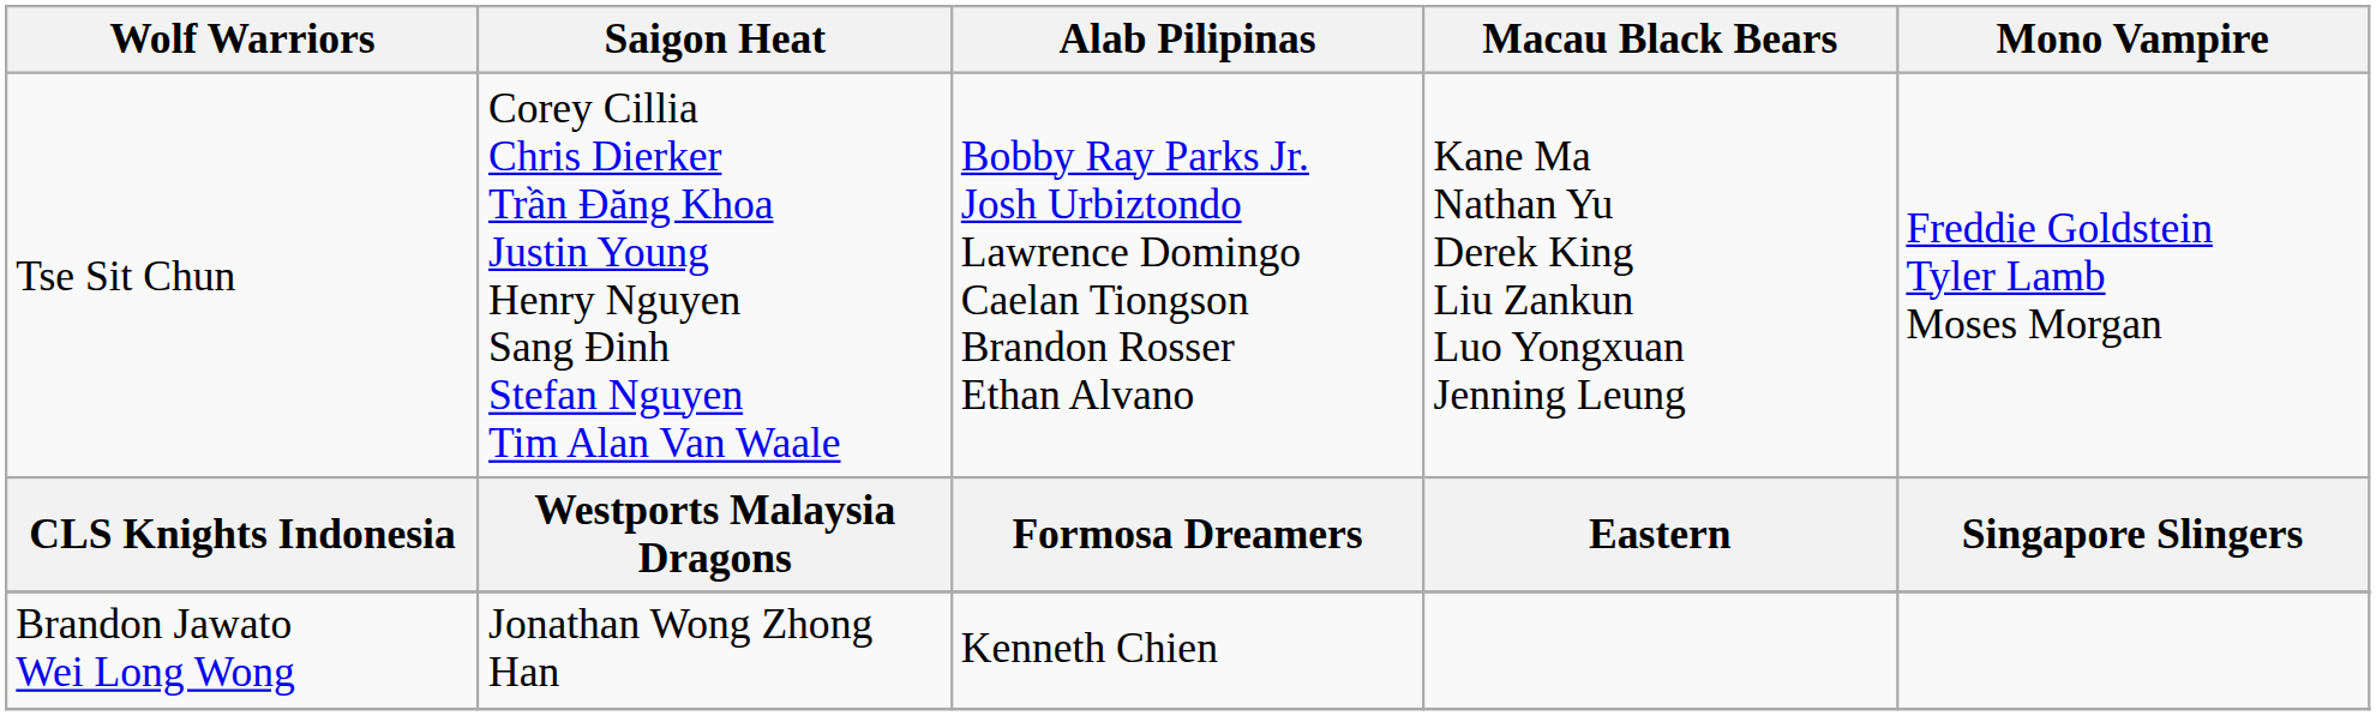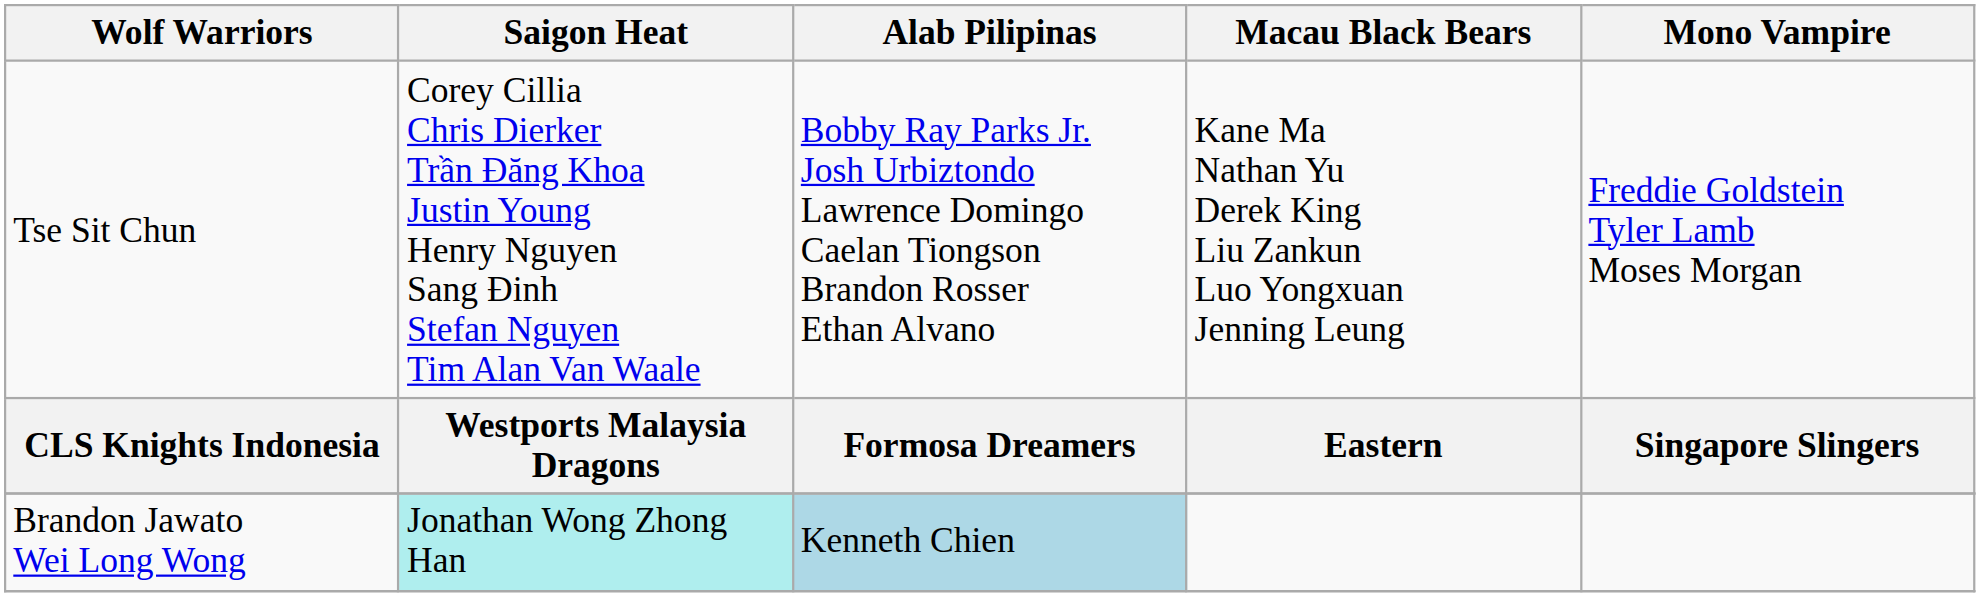 <table class="wikitable">
 <tr>
 <th style="width:170px;"> Wolf Warriors</th>
 <th style="width:170px;"> Saigon Heat</th>
 <th style="width:170px;"> Alab Pilipinas</th>
 <th style="width:170px;"> Macau Black Bears</th>
 <th style="width:170px;"> Mono Vampire</th>
 </tr>
 <tr>
 <td> Tse Sit Chun <br></td>
 <td> Corey Cillia <br>  <a href='#'>Chris Dierker</a> <br>  <a href='#'>Trần Đăng Khoa</a> <br>  <a href='#'>Justin Young</a> <br>  Henry Nguyen <br>  Sang Đinh <br>  <a href='#'>Stefan Nguyen</a>  <br>  <a href='#'>Tim Alan Van Waale</a></td>
 <td> <a href='#'>Bobby Ray Parks Jr.</a> <br>  <a href='#'>Josh Urbiztondo</a> <br>  Lawrence Domingo  <br>  Caelan Tiongson <br>  Brandon Rosser <br>  Ethan Alvano</td>
 <td>  Kane Ma <br>  Nathan Yu <br>  Derek King <br>  Liu Zankun <br>  Luo Yongxuan <br>  Jenning Leung <br></td>
 <td> <a href='#'>Freddie Goldstein</a> <br>  <a href='#'>Tyler Lamb</a> <br>  Moses Morgan</td>
 </tr>
 <tr>
 <th style="width:170px;"> CLS Knights Indonesia</th>
 <th style="width:170px;"> Westports Malaysia Dragons</th>
 <th style="width:170px;"> Formosa Dreamers</th>
 <th style="width:170px;"> Eastern</th>
 <th style="width:170px;"> Singapore Slingers</th>
 </tr>
 <tr>
 </tr>
 <tr>
 <td> Brandon Jawato <br> <a href='#'>Wei Long Wong</a></td>
-<td> Jonathan Wong Zhong Han</td>
-<td> Kenneth Chien</td>
+<td style="background: paleturquoise;"> Jonathan Wong Zhong Han</td>
+<td style="background: lightblue;"> Kenneth Chien</td>
 <td></td>
 <td></td>
 </tr>
 <tr>
 </tr>
 </table>
